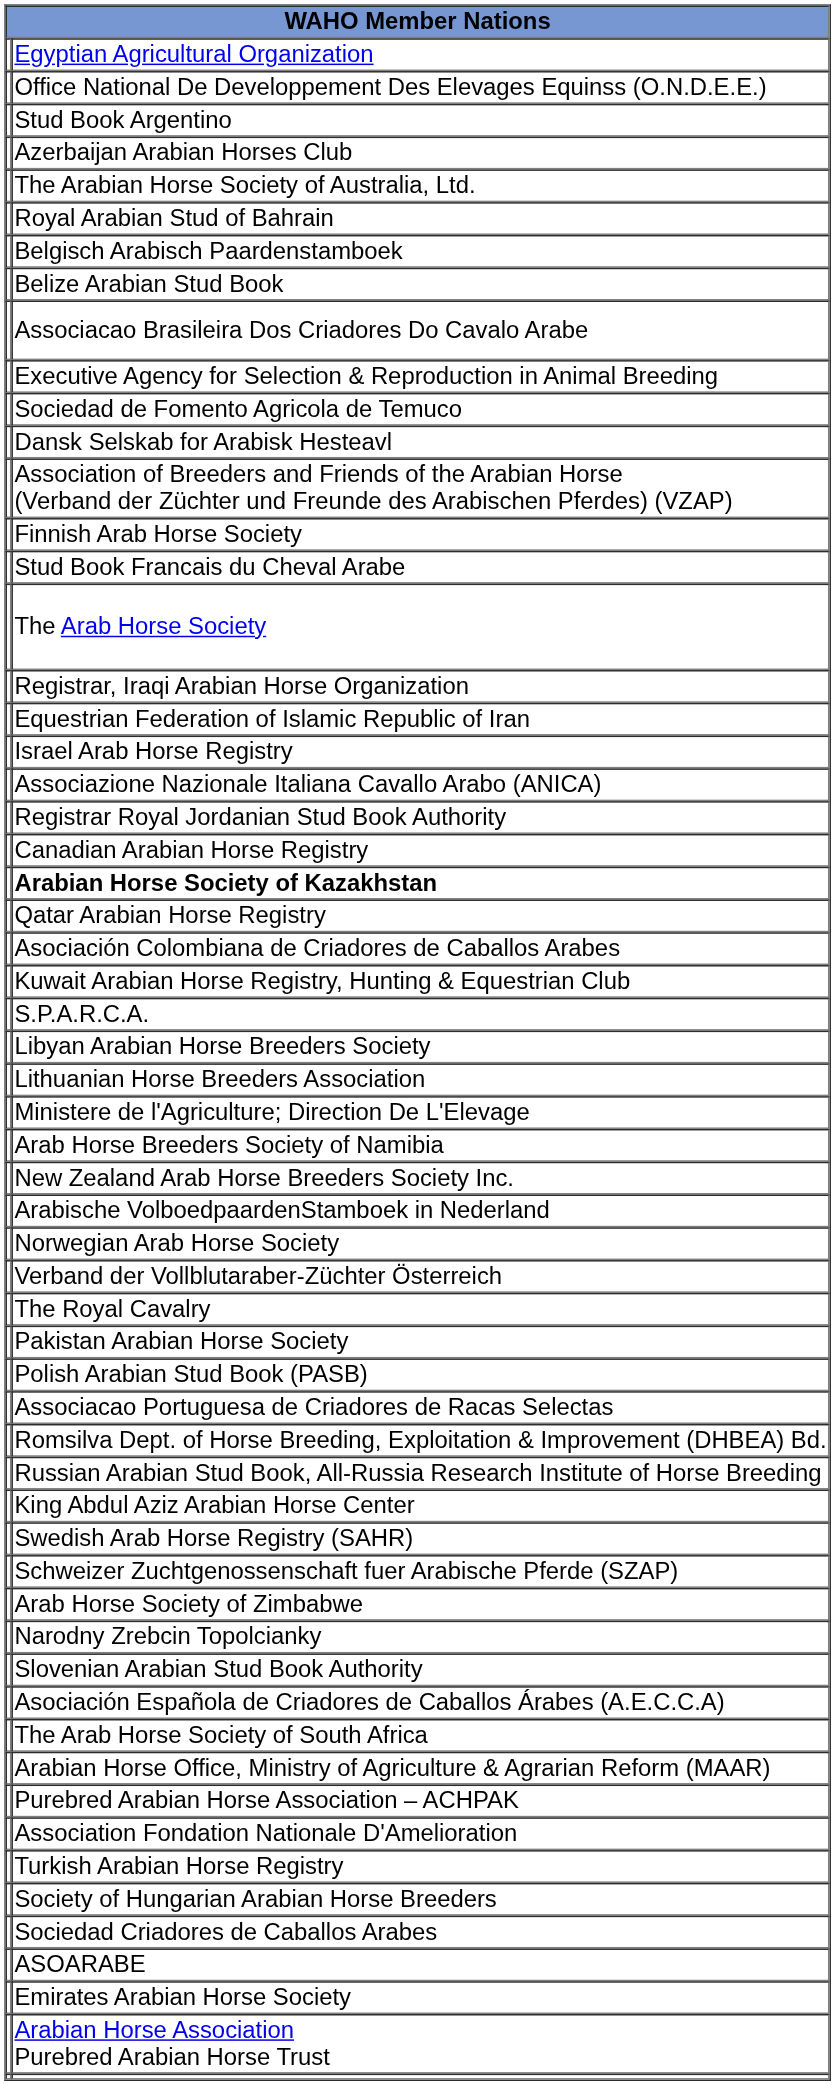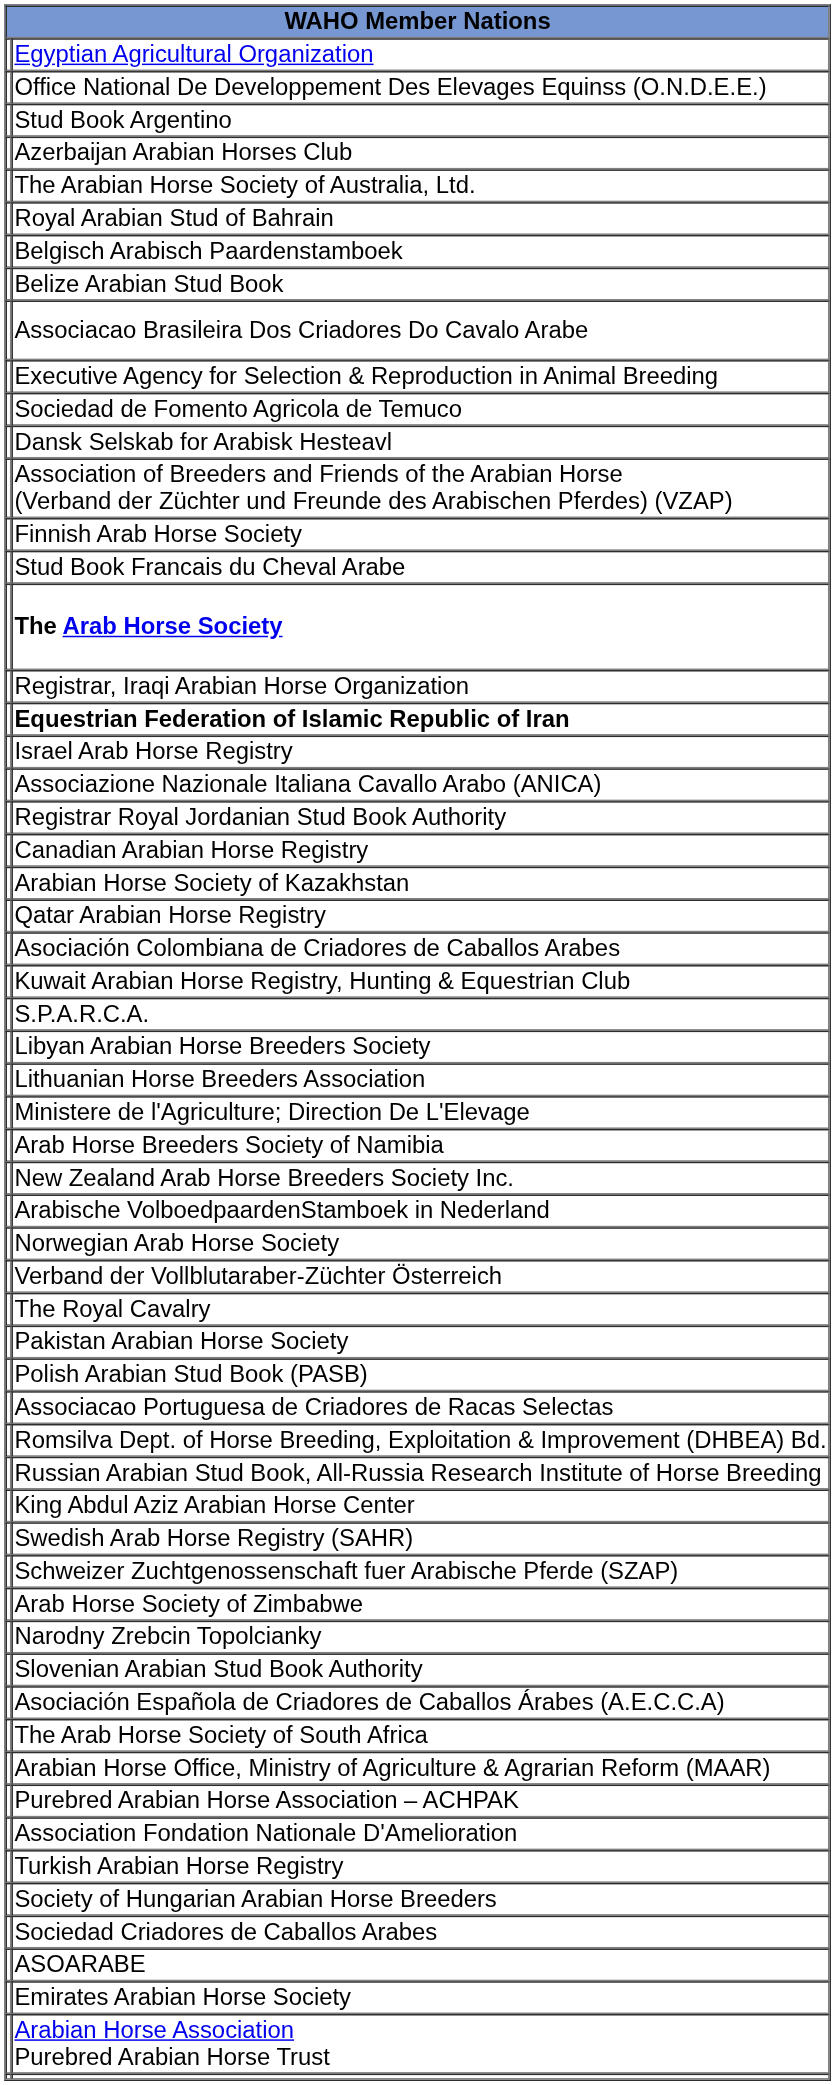 <table border="1" cellspacing="0">
 <tr>
 <th colspan="3"  style="text-align:center; background:#7797d2;">WAHO Member Nations</th>
 </tr>
 <tr>
 <td></td>
 <td><a href='#'>Egyptian Agricultural Organization</a></td>
 </tr>
 <tr>
 <td></td>
 <td>Office National De Developpement Des Elevages Equinss (O.N.D.E.E.)</td>
 </tr>
 <tr>
 <td></td>
 <td>Stud Book Argentino</td>
 </tr>
 <tr>
 <td></td>
 <td>Azerbaijan Arabian Horses Club</td>
 </tr>
 <tr>
 <td></td>
 <td>The Arabian Horse Society of Australia, Ltd.</td>
 </tr>
 <tr>
 <td></td>
 <td>Royal Arabian Stud of Bahrain</td>
 </tr>
 <tr>
 <td></td>
 <td>Belgisch Arabisch Paardenstamboek</td>
 </tr>
 <tr>
 <td></td>
 <td>Belize Arabian Stud Book</td>
 </tr>
 <tr>
 <td> <br>  <br> </td>
 <td>Associacao Brasileira Dos Criadores Do Cavalo Arabe</td>
 </tr>
 <tr>
 <td></td>
 <td>Executive Agency for Selection & Reproduction in Animal Breeding</td>
 </tr>
 <tr>
 <td> <br> </td>
 <td>Sociedad de Fomento Agricola de Temuco</td>
 </tr>
 <tr>
 <td></td>
 <td>Dansk Selskab for Arabisk Hesteavl</td>
 </tr>
 <tr>
 <td> <br> </td>
 <td>Association of Breeders and Friends of the Arabian Horse <br> (Verband der Züchter und Freunde des Arabischen Pferdes) (VZAP)</td>
 </tr>
 <tr>
 <td></td>
 <td>Finnish Arab Horse Society</td>
 </tr>
 <tr>
 <td></td>
 <td>Stud Book Francais du Cheval Arabe</td>
 </tr>
 <tr>
 <td> <br>  <br>  <br> </td>
-<td>The <a href='#'>Arab Horse Society</a></td>
+<td><strong>The <a href='#'>Arab Horse Society</a></strong></td>
 </tr>
 <tr>
 <td></td>
 <td>Registrar, Iraqi Arabian Horse Organization</td>
 </tr>
 <tr>
 <td></td>
-<td>Equestrian Federation of Islamic Republic of Iran</td>
+<td><strong>Equestrian Federation of Islamic Republic of Iran</strong></td>
 </tr>
 <tr>
 <td></td>
 <td>Israel Arab Horse Registry</td>
 </tr>
 <tr>
 <td></td>
 <td>Associazione Nazionale Italiana Cavallo Arabo (ANICA)</td>
 </tr>
 <tr>
 <td></td>
 <td>Registrar Royal Jordanian Stud Book Authority</td>
 </tr>
 <tr>
 <td></td>
 <td>Canadian Arabian Horse Registry</td>
 </tr>
 <tr>
 <td></td>
-<td><strong>Arabian Horse Society of Kazakhstan</strong></td>
+<td>Arabian Horse Society of Kazakhstan</td>
 </tr>
 <tr>
 <td></td>
 <td>Qatar Arabian Horse Registry</td>
 </tr>
 <tr>
 <td></td>
 <td>Asociación Colombiana de Criadores de Caballos Arabes</td>
 </tr>
 <tr>
 <td></td>
 <td>Kuwait Arabian Horse Registry, Hunting & Equestrian Club</td>
 </tr>
 <tr>
 <td></td>
 <td>S.P.A.R.C.A.</td>
 </tr>
 <tr>
 <td></td>
 <td>Libyan Arabian Horse Breeders Society</td>
 </tr>
 <tr>
 <td></td>
 <td>Lithuanian Horse Breeders Association</td>
 </tr>
 <tr>
 <td></td>
 <td>Ministere de l'Agriculture; Direction De L'Elevage</td>
 </tr>
 <tr>
 <td></td>
 <td>Arab Horse Breeders Society of Namibia</td>
 </tr>
 <tr>
 <td></td>
 <td>New Zealand Arab Horse Breeders Society Inc.</td>
 </tr>
 <tr>
 <td></td>
 <td>Arabische VolboedpaardenStamboek in Nederland</td>
 </tr>
 <tr>
 <td></td>
 <td>Norwegian Arab Horse Society</td>
 </tr>
 <tr>
 <td></td>
 <td>Verband der Vollblutaraber-Züchter Österreich</td>
 </tr>
 <tr>
 <td></td>
 <td>The Royal Cavalry</td>
 </tr>
 <tr>
 <td></td>
 <td>Pakistan Arabian Horse Society</td>
 </tr>
 <tr>
 <td></td>
 <td>Polish Arabian Stud Book (PASB)</td>
 </tr>
 <tr>
 <td></td>
 <td>Associacao Portuguesa de Criadores de Racas Selectas</td>
 </tr>
 <tr>
 <td></td>
 <td>Romsilva Dept. of Horse Breeding, Exploitation & Improvement (DHBEA) Bd.</td>
 </tr>
 <tr>
 <td></td>
 <td>Russian Arabian Stud Book, All-Russia Research Institute of Horse Breeding</td>
 </tr>
 <tr>
 <td></td>
 <td>King Abdul Aziz Arabian Horse Center</td>
 </tr>
 <tr>
 <td></td>
 <td>Swedish Arab Horse Registry (SAHR)</td>
 </tr>
 <tr>
 <td></td>
 <td>Schweizer Zuchtgenossenschaft fuer Arabische Pferde (SZAP)</td>
 </tr>
 <tr>
 <td></td>
 <td>Arab Horse Society of Zimbabwe</td>
 </tr>
 <tr>
 <td></td>
 <td>Narodny Zrebcin Topolcianky</td>
 </tr>
 <tr>
 <td></td>
 <td>Slovenian Arabian Stud Book Authority</td>
 </tr>
 <tr>
 <td></td>
 <td>Asociación Española de Criadores de Caballos Árabes (A.E.C.C.A)</td>
 </tr>
 <tr>
 <td></td>
 <td>The Arab Horse Society of South Africa</td>
 </tr>
 <tr>
 <td></td>
 <td>Arabian Horse Office, Ministry of Agriculture & Agrarian Reform (MAAR)</td>
 </tr>
 <tr>
 <td></td>
 <td>Purebred Arabian Horse Association – ACHPAK</td>
 </tr>
 <tr>
 <td></td>
 <td>Association Fondation Nationale D'Amelioration</td>
 </tr>
 <tr>
 <td></td>
 <td>Turkish Arabian Horse Registry</td>
 </tr>
 <tr>
 <td></td>
 <td>Society of Hungarian Arabian Horse Breeders</td>
 </tr>
 <tr>
 <td></td>
 <td>Sociedad Criadores de Caballos Arabes</td>
 </tr>
 <tr>
 <td></td>
 <td>ASOARABE</td>
 </tr>
 <tr>
 <td></td>
 <td>Emirates Arabian Horse Society</td>
 </tr>
 <tr>
 <td> <br>  <br> </td>
 <td><a href='#'>Arabian Horse Association</a><br> Purebred Arabian Horse Trust</td>
 </tr>
 <tr>
 <td></td>
 <td></td>
 </tr>
 </table>
